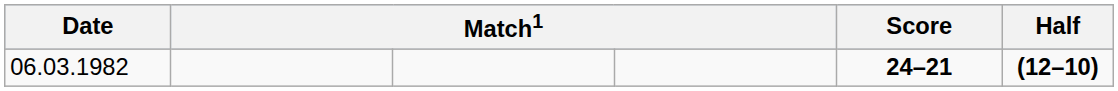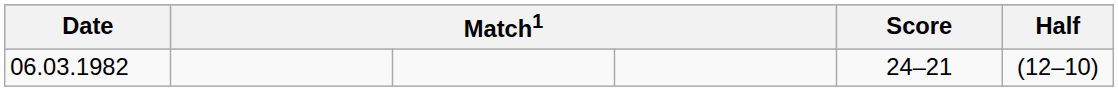 <table width=750 class="wikitable">
 <tr bgcolor="lightsteelblue">
 <th width=15%>Date</th>
 <th width=60% colspan=3>Match<sup>1</sup></th>
 <th width=15%>Score</th>
 <th>Half</th>
 </tr>
 <tr>
 <td>06.03.1982</td>
 <td align=right></td>
 <td></td>
 <td></td>
-<td align=center><strong>24–21</strong></td>
-<td align=center><strong>(12–10)</strong></td>
+<td align=center>24–21</td>
+<td align=center>(12–10)</td>
 </tr>
 </table>
